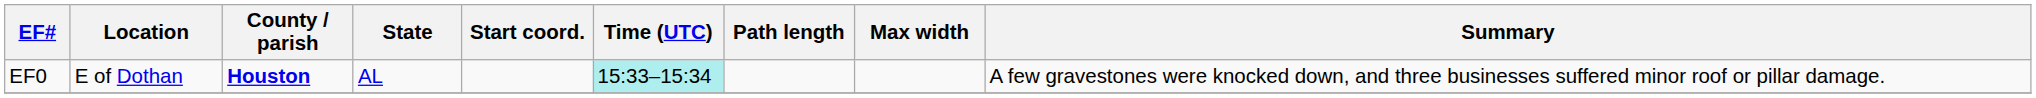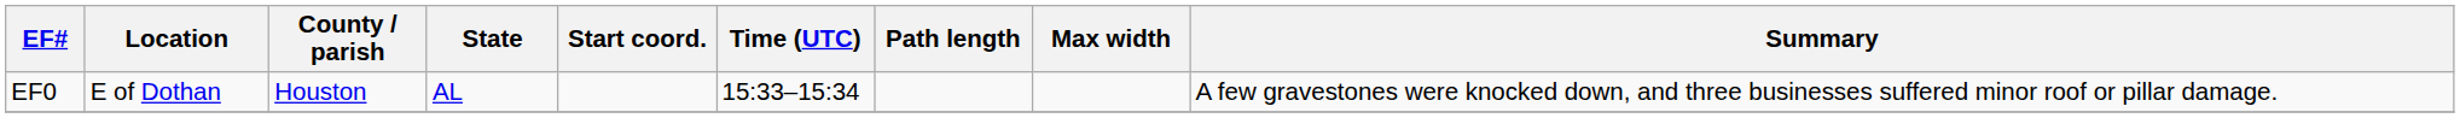 <table class="wikitable sortable" style="width:100%;">
 <tr>
 <th scope="col" style="width:3%; text-align:center;"><a href='#'>EF#</a></th>
 <th scope="col" style="width:7%; text-align:center;" class="unsortable">Location</th>
 <th scope="col" style="width:6%; text-align:center;" class="unsortable">County / parish</th>
 <th scope="col" style="width:5%; text-align:center;">State</th>
 <th scope="col" style="width:6%; text-align:center;">Start coord.</th>
 <th scope="col" style="width:6%; text-align:center;">Time (<a href='#'>UTC</a>)</th>
 <th scope="col" style="width:6%; text-align:center;">Path length</th>
 <th scope="col" style="width:6%; text-align:center;">Max width</th>
 <th scope="col" class="unsortable" style="width:48%; text-align:center;">Summary</th>
 </tr>
 <tr>
 <td bgcolor=>EF0</td>
 <td>E of <a href='#'>Dothan</a></td>
-<td><strong><a href='#'>Houston</a></strong></td>
+<td><a href='#'>Houston</a></td>
 <td><a href='#'>AL</a></td>
 <td></td>
-<td style="background: paleturquoise;">15:33–15:34</td>
+<td>15:33–15:34</td>
 <td></td>
 <td></td>
 <td>A few gravestones were knocked down, and three businesses suffered minor roof or pillar damage.</td>
 </tr>
 <tr>
 </tr>
 </table>
